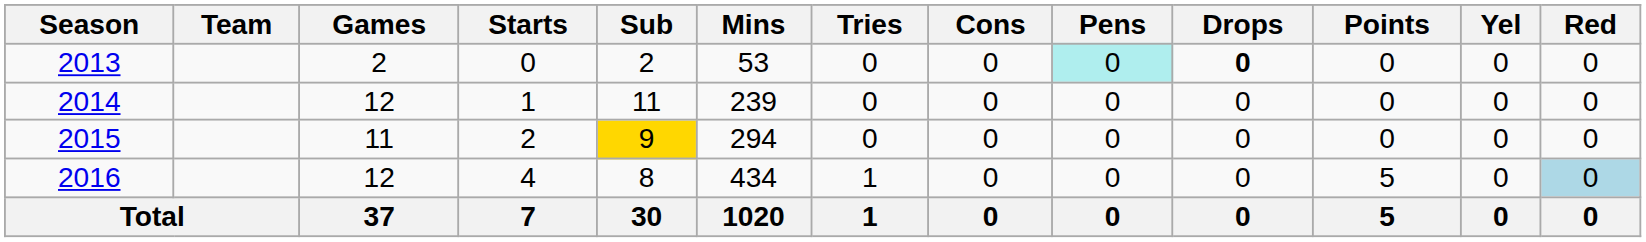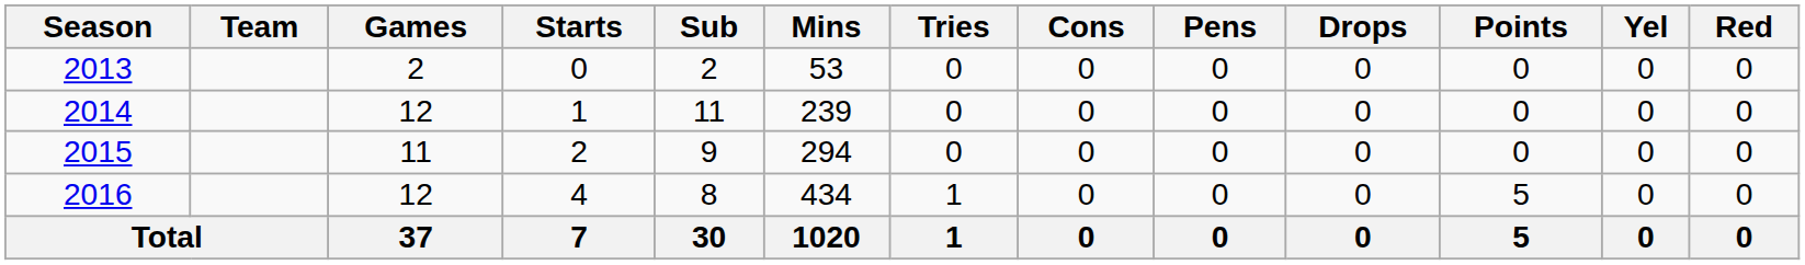 <table class="wikitable" style="text-align:center; line-height:90%; font-size:95%; width:70%;">
 <tr>
 <th>Season</th>
 <th>Team</th>
 <th>Games</th>
 <th>Starts</th>
 <th>Sub</th>
 <th>Mins</th>
 <th>Tries</th>
 <th>Cons</th>
 <th>Pens</th>
 <th>Drops</th>
 <th>Points</th>
 <th>Yel</th>
 <th>Red</th>
 </tr>
 <tr>
 <td><a href='#'>2013</a></td>
 <td></td>
 <td>2</td>
 <td>0</td>
 <td>2</td>
 <td>53</td>
 <td>0</td>
 <td>0</td>
-<td style="background: paleturquoise;">0</td>
-<td><strong>0</strong></td>
+<td>0</td>
+<td>0</td>
 <td>0</td>
 <td>0</td>
 <td>0</td>
 </tr>
 <tr>
 <td><a href='#'>2014</a></td>
 <td></td>
 <td>12</td>
 <td>1</td>
 <td>11</td>
 <td>239</td>
 <td>0</td>
 <td>0</td>
 <td>0</td>
 <td>0</td>
 <td>0</td>
 <td>0</td>
 <td>0</td>
 </tr>
 <tr>
 <td><a href='#'>2015</a></td>
 <td></td>
 <td>11</td>
 <td>2</td>
-<td style="background: gold;">9</td>
+<td>9</td>
 <td>294</td>
 <td>0</td>
 <td>0</td>
 <td>0</td>
 <td>0</td>
 <td>0</td>
 <td>0</td>
 <td>0</td>
 </tr>
 <tr>
 <td><a href='#'>2016</a></td>
 <td></td>
 <td>12</td>
 <td>4</td>
 <td>8</td>
 <td>434</td>
 <td>1</td>
 <td>0</td>
 <td>0</td>
 <td>0</td>
 <td>5</td>
 <td>0</td>
-<td style="background: lightblue;">0</td>
+<td>0</td>
 </tr>
 <tr>
 <th colspan="2">Total</th>
 <th>37</th>
 <th>7</th>
 <th>30</th>
 <th>1020</th>
 <th>1</th>
 <th>0</th>
 <th>0</th>
 <th>0</th>
 <th>5</th>
 <th>0</th>
 <th>0</th>
 </tr>
 </table>
